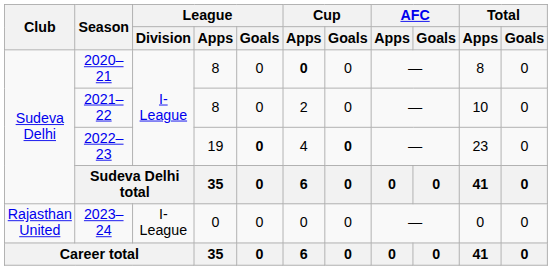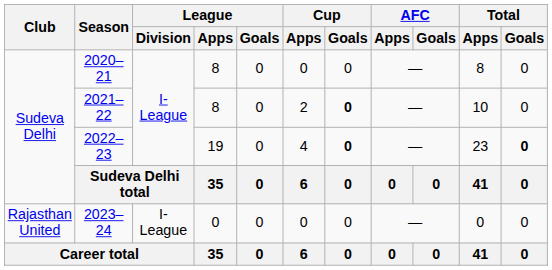 <table class=wikitable style=text-align:center>
 <tr>
 <th rowspan="2">Club</th>
 <th rowspan="2">Season</th>
 <th colspan="3">League</th>
 <th colspan="2">Cup</th>
 <th colspan="2"><a href='#'>AFC</a></th>
 <th colspan="2">Total</th>
 </tr>
 <tr>
 <th>Division</th>
 <th>Apps</th>
 <th>Goals</th>
 <th>Apps</th>
 <th>Goals</th>
 <th>Apps</th>
 <th>Goals</th>
 <th>Apps</th>
 <th>Goals</th>
 </tr>
 <tr>
 <td rowspan="4"><a href='#'>Sudeva Delhi</a></td>
 <td><a href='#'>2020–21</a></td>
 <td rowspan="3"><a href='#'>I-League</a></td>
 <td>8</td>
 <td>0</td>
-<td><strong>0</strong></td>
+<td>0</td>
 <td>0</td>
 <td colspan="2">—</td>
 <td>8</td>
 <td>0</td>
 </tr>
 <tr>
 <td><a href='#'>2021–22</a></td>
 <td>8</td>
 <td>0</td>
 <td>2</td>
-<td>0</td>
+<td><strong>0</strong></td>
 <td colspan="2">—</td>
 <td>10</td>
 <td>0</td>
 </tr>
 <tr>
 <td><a href='#'>2022–23</a></td>
 <td>19</td>
-<td><strong>0</strong></td>
+<td>0</td>
 <td>4</td>
 <td><strong>0</strong></td>
 <td colspan="2">—</td>
 <td>23</td>
-<td>0</td>
+<td><strong>0</strong></td>
 </tr>
 <tr>
 <th colspan="2">Sudeva Delhi total</th>
 <th>35</th>
 <th>0</th>
 <th>6</th>
 <th>0</th>
 <th>0</th>
 <th>0</th>
 <th>41</th>
 <th>0</th>
 </tr>
 <tr>
 <td rowspan="1"><a href='#'>Rajasthan United</a></td>
 <td><a href='#'>2023–24</a></td>
 <td rowspan="1">I-League</td>
 <td>0</td>
 <td>0</td>
 <td>0</td>
 <td>0</td>
 <td colspan="2">—</td>
 <td>0</td>
 <td>0</td>
 </tr>
 <tr>
 <th colspan="3">Career total</th>
 <th>35</th>
 <th>0</th>
 <th>6</th>
 <th>0</th>
 <th>0</th>
 <th>0</th>
 <th>41</th>
 <th>0</th>
 </tr>
 </table>
